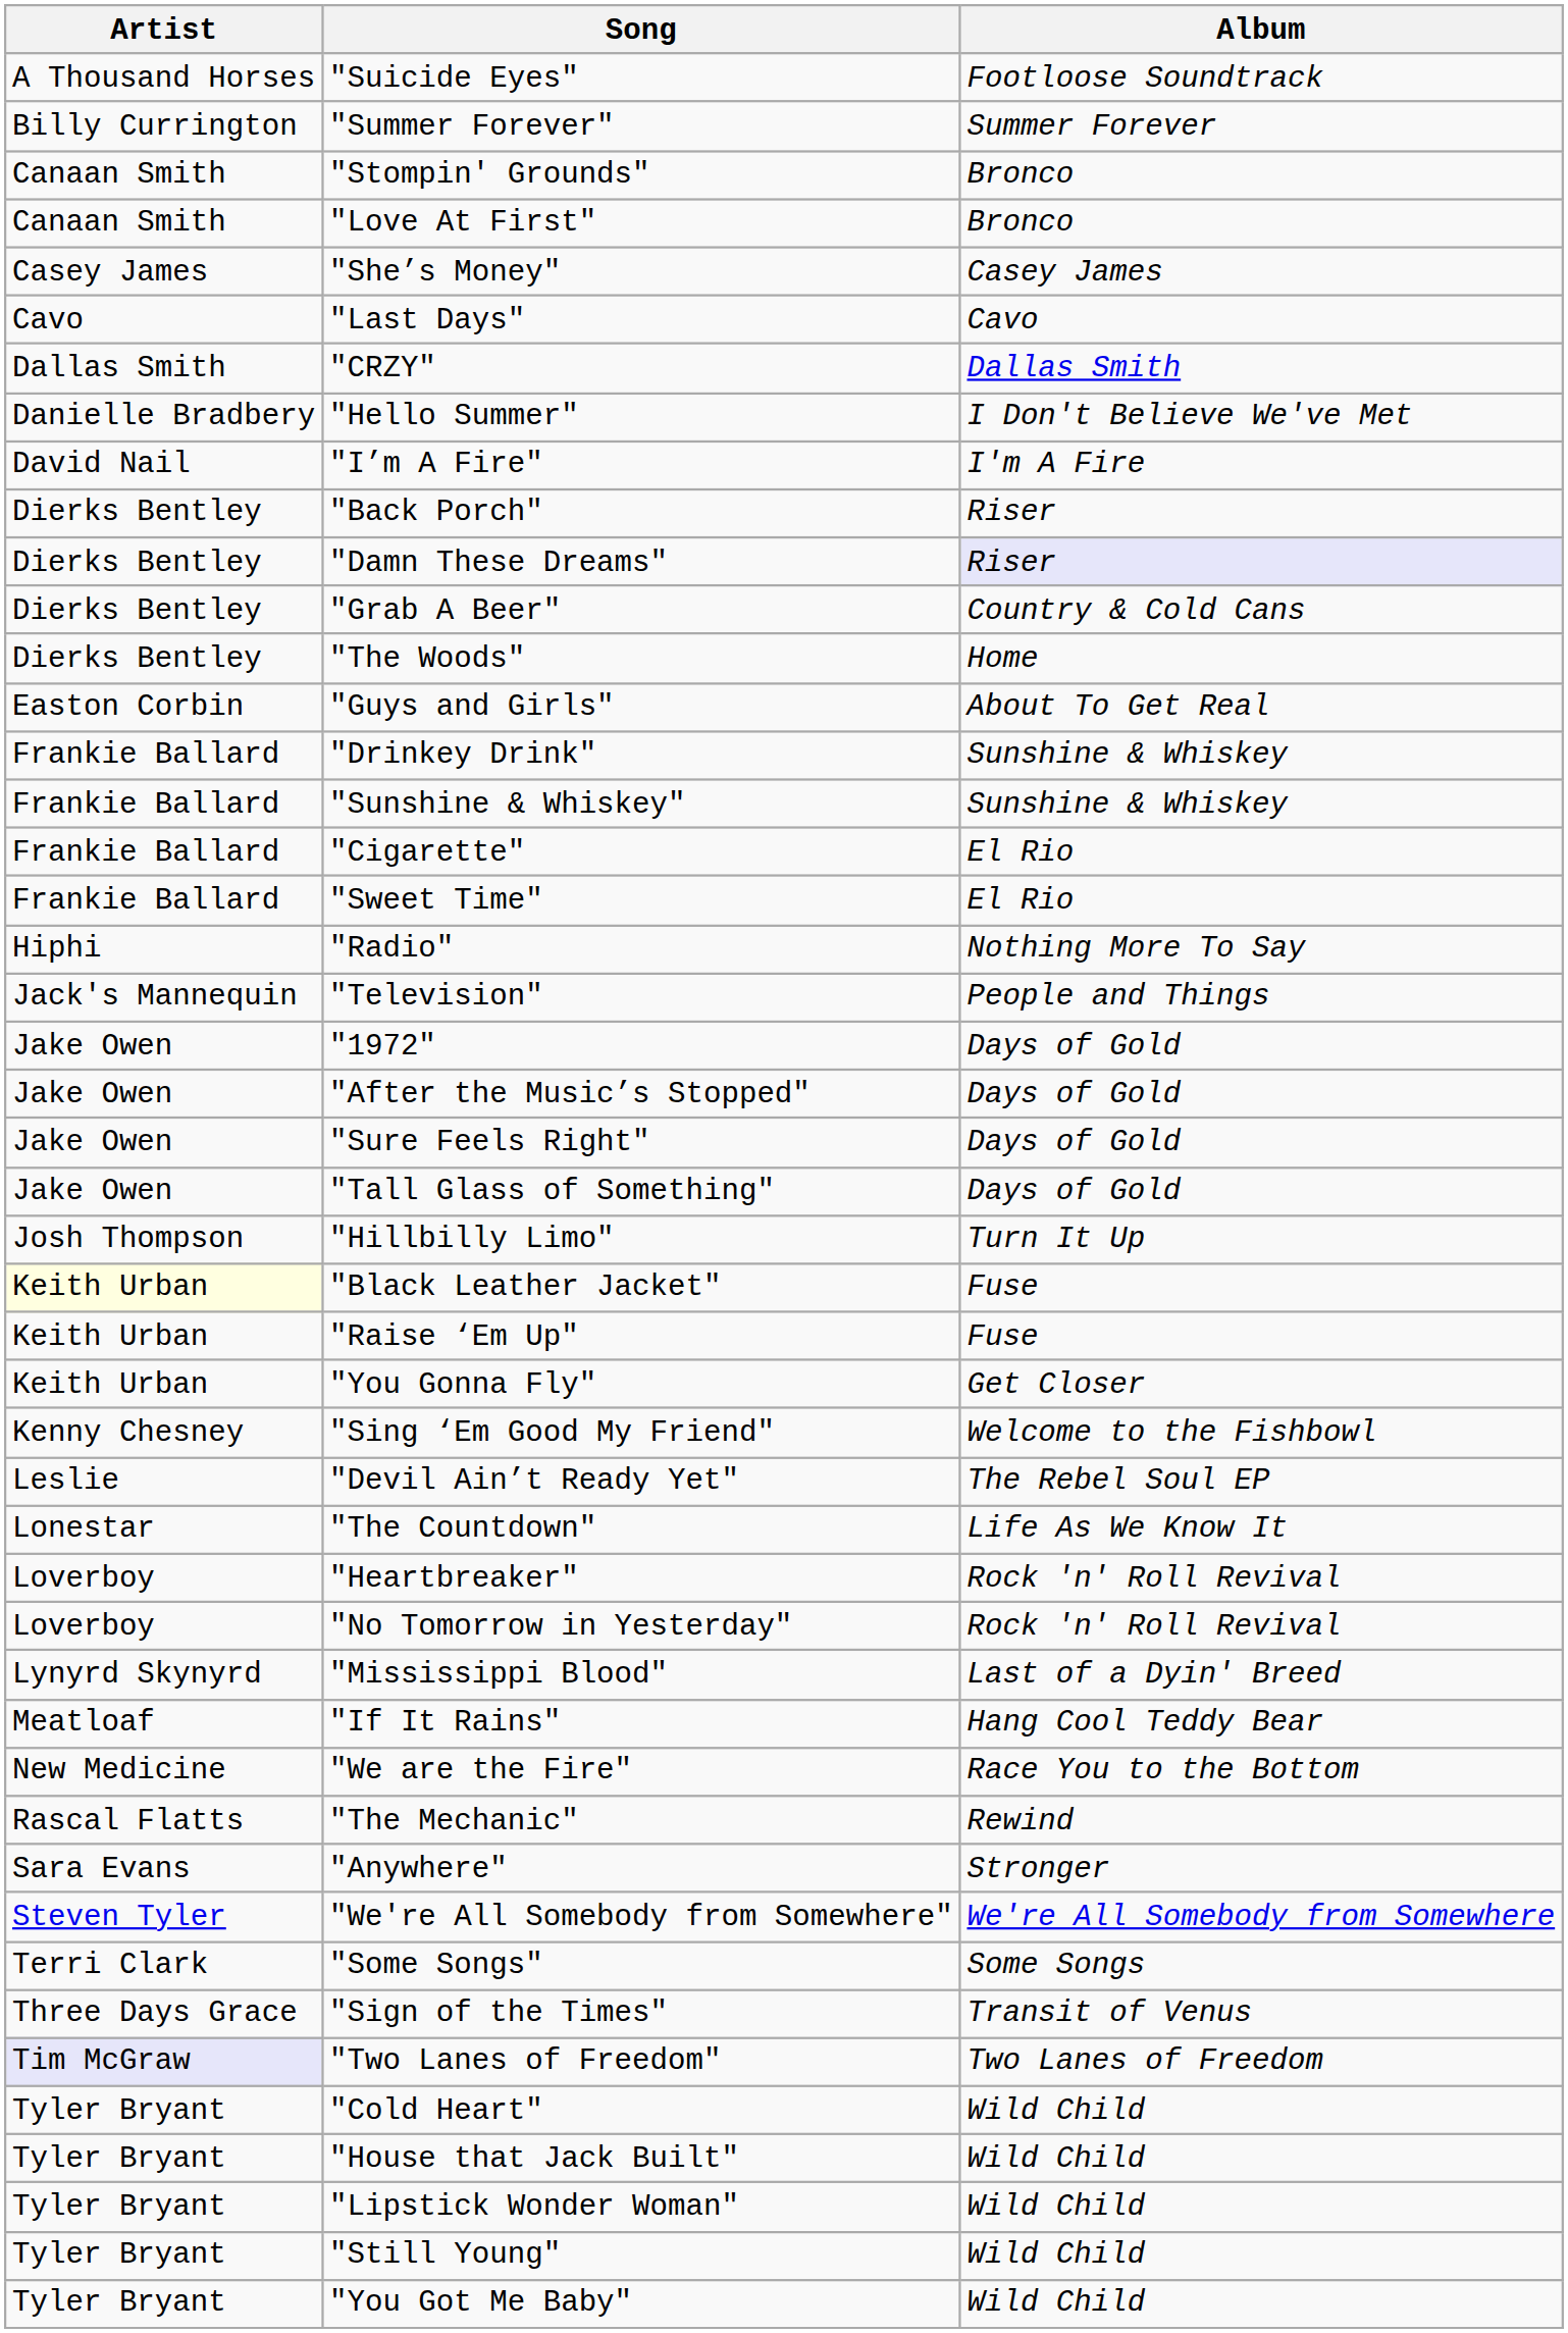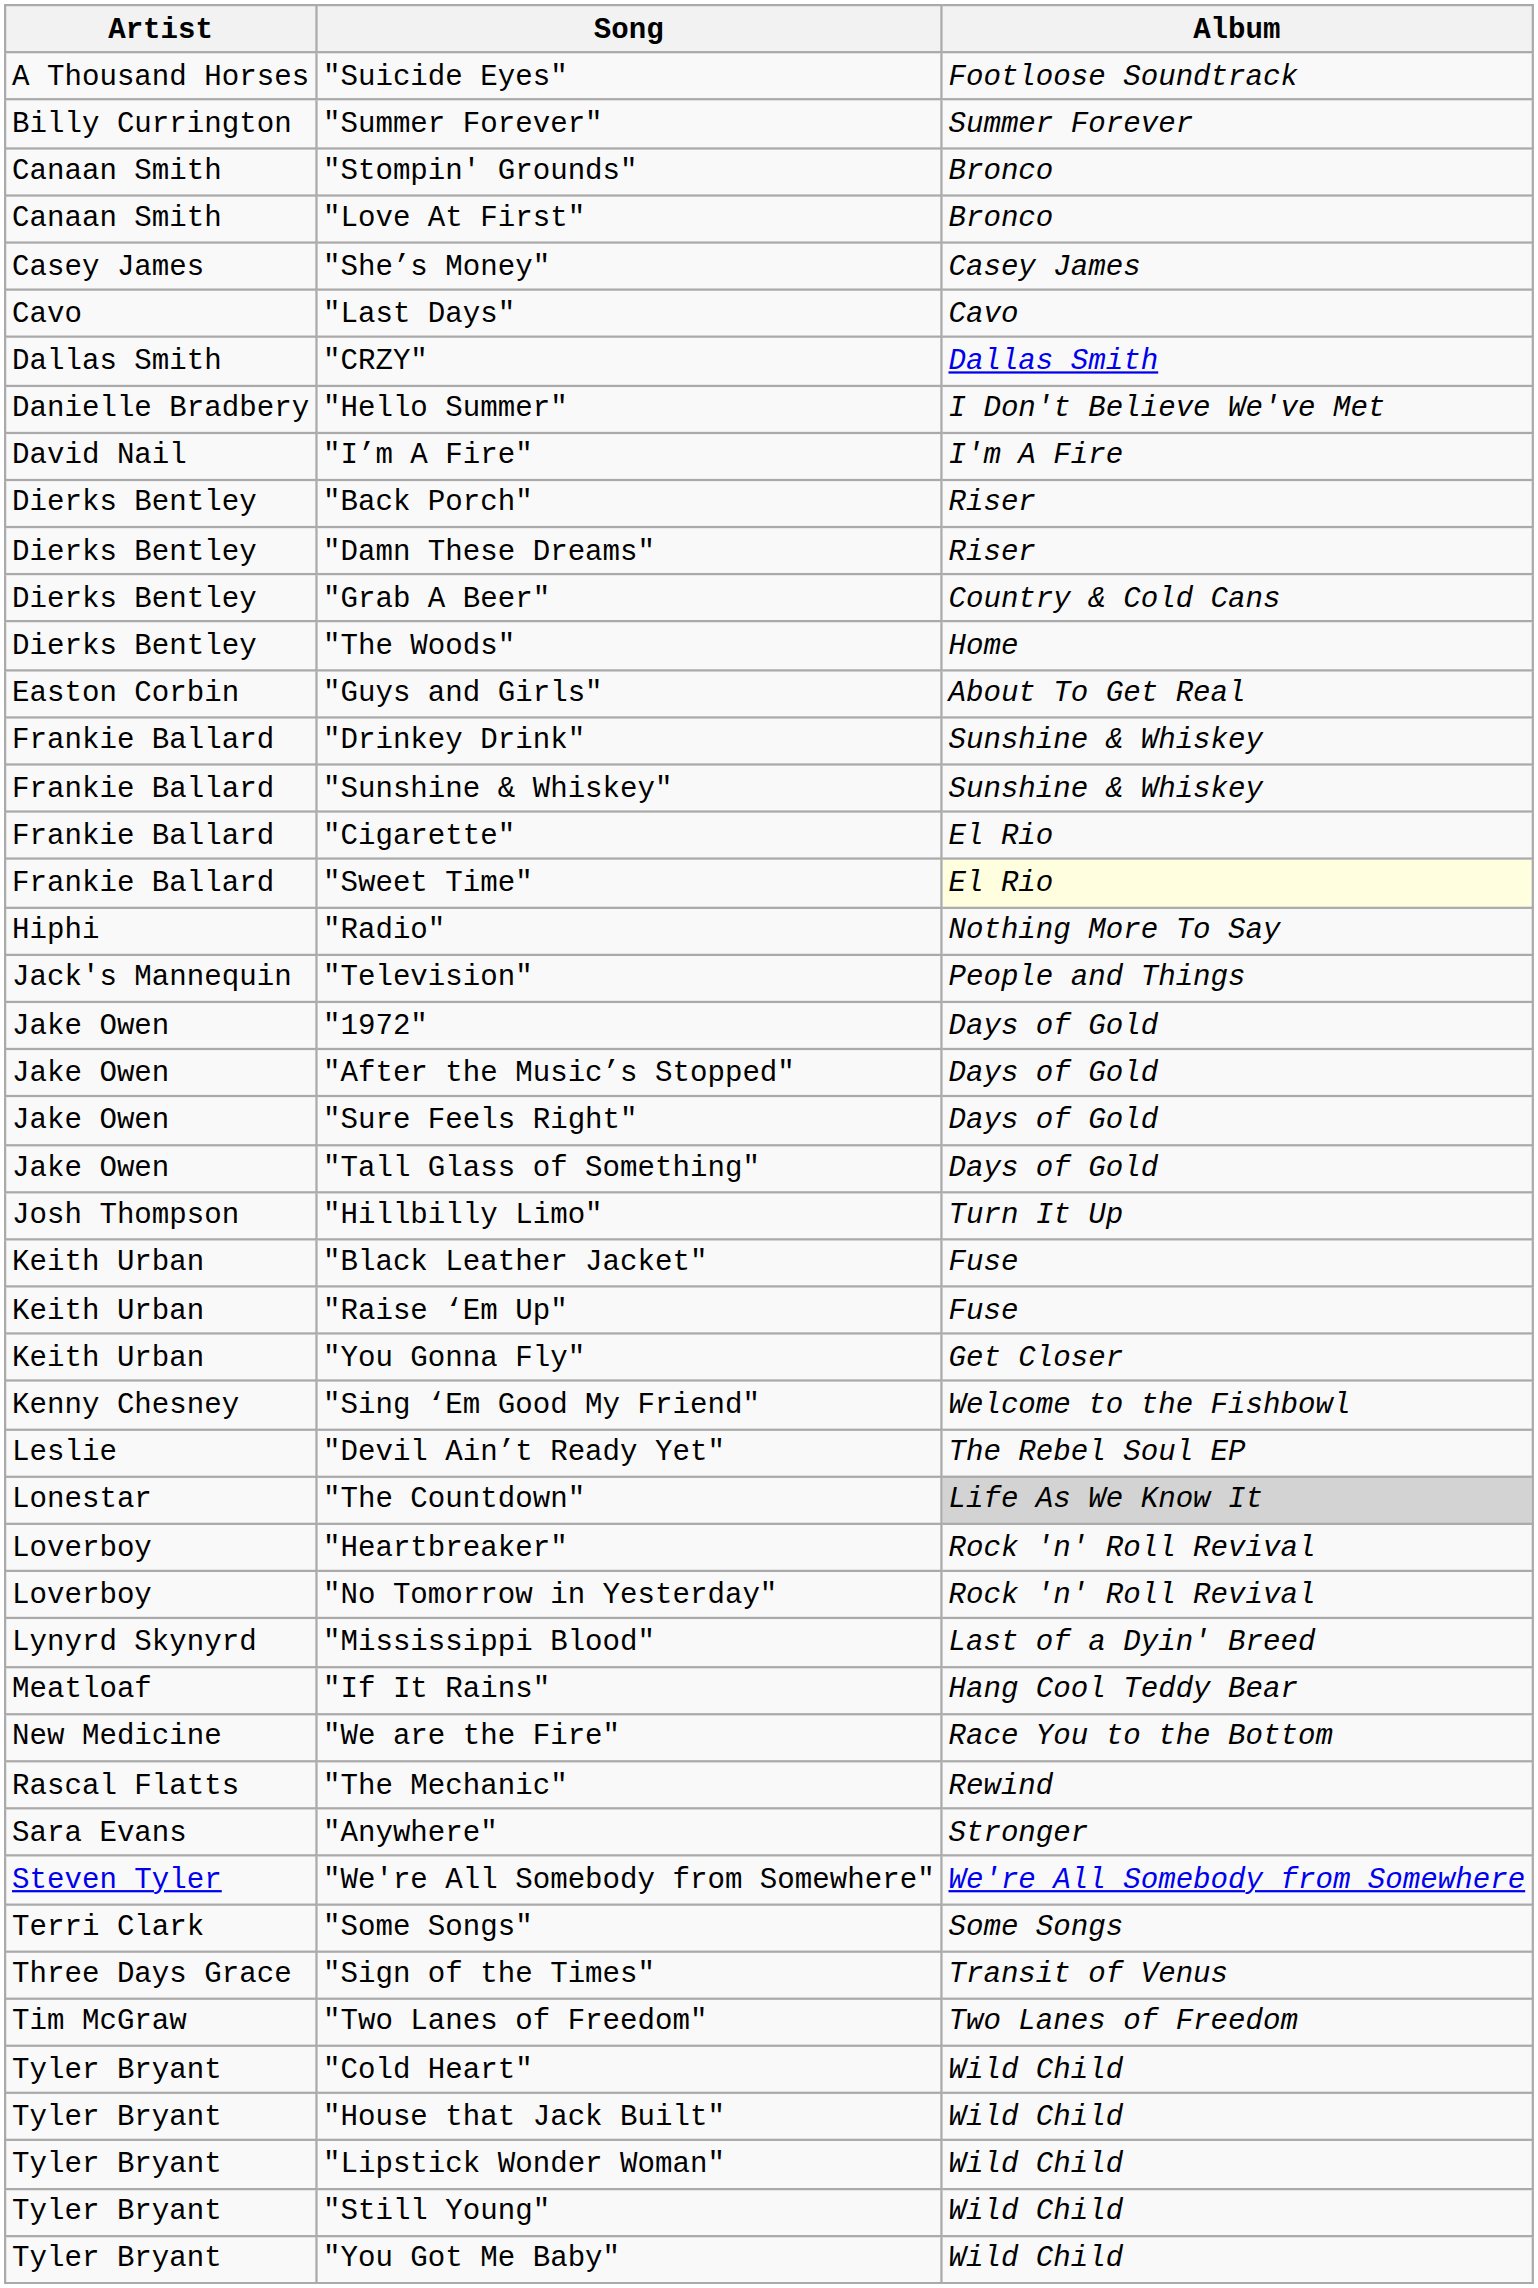 <table class="wikitable">
 <tr>
 <th>Artist</th>
 <th>Song</th>
 <th>Album</th>
 </tr>
 <tr>
 <td>A Thousand Horses</td>
 <td>"Suicide Eyes"</td>
 <td><em>Footloose Soundtrack</em></td>
 </tr>
 <tr>
 <td>Billy Currington</td>
 <td>"Summer Forever"</td>
 <td><em>Summer Forever</em></td>
 </tr>
 <tr>
 <td>Canaan Smith</td>
 <td>"Stompin' Grounds"</td>
 <td><em>Bronco</em></td>
 </tr>
 <tr>
 <td>Canaan Smith</td>
 <td>"Love At First"</td>
 <td><em>Bronco</em></td>
 </tr>
 <tr>
 <td>Casey James</td>
 <td>"She’s Money"</td>
 <td><em>Casey James</em></td>
 </tr>
 <tr>
 <td>Cavo</td>
 <td>"Last Days"</td>
 <td><em>Cavo</em></td>
 </tr>
 <tr>
 <td>Dallas Smith</td>
 <td>"CRZY"</td>
 <td><em><a href='#'>Dallas Smith</a></em></td>
 </tr>
 <tr>
 <td>Danielle Bradbery</td>
 <td>"Hello Summer"</td>
 <td><em>I Don't Believe We've Met</em></td>
 </tr>
 <tr>
 <td>David Nail</td>
 <td>"I’m A Fire"</td>
 <td><em>I'm A Fire</em></td>
 </tr>
 <tr>
 <td>Dierks Bentley</td>
 <td>"Back Porch"</td>
 <td><em>Riser</em></td>
 </tr>
 <tr>
 <td>Dierks Bentley</td>
 <td>"Damn These Dreams"</td>
-<td style="background: lavender;"><em>Riser</em></td>
+<td><em>Riser</em></td>
 </tr>
 <tr>
 <td>Dierks Bentley</td>
 <td>"Grab A Beer"</td>
 <td><em>Country & Cold Cans</em></td>
 </tr>
 <tr>
 <td>Dierks Bentley</td>
 <td>"The Woods"</td>
 <td><em>Home</em></td>
 </tr>
 <tr>
 <td>Easton Corbin</td>
 <td>"Guys and Girls"</td>
 <td><em>About To Get Real</em></td>
 </tr>
 <tr>
 <td>Frankie Ballard</td>
 <td>"Drinkey Drink"</td>
 <td><em>Sunshine & Whiskey</em></td>
 </tr>
 <tr>
 <td>Frankie Ballard</td>
 <td>"Sunshine & Whiskey"</td>
 <td><em>Sunshine & Whiskey</em></td>
 </tr>
 <tr>
 <td>Frankie Ballard</td>
 <td>"Cigarette"</td>
 <td><em>El Rio</em></td>
 </tr>
 <tr>
 <td>Frankie Ballard</td>
 <td>"Sweet Time"</td>
-<td><em>El Rio</em></td>
+<td style="background: lightyellow;"><em>El Rio</em></td>
 </tr>
 <tr>
 <td>Hiphi</td>
 <td>"Radio"</td>
 <td><em>Nothing More To Say</em></td>
 </tr>
 <tr>
 <td>Jack's Mannequin</td>
 <td>"Television"</td>
 <td><em>People and Things</em></td>
 </tr>
 <tr>
 <td>Jake Owen</td>
 <td>"1972"</td>
 <td><em>Days of Gold</em></td>
 </tr>
 <tr>
 <td>Jake Owen</td>
 <td>"After the Music’s Stopped"</td>
 <td><em>Days of Gold</em></td>
 </tr>
 <tr>
 <td>Jake Owen</td>
 <td>"Sure Feels Right"</td>
 <td><em>Days of Gold</em></td>
 </tr>
 <tr>
 <td>Jake Owen</td>
 <td>"Tall Glass of Something"</td>
 <td><em>Days of Gold</em></td>
 </tr>
 <tr>
 <td>Josh Thompson</td>
 <td>"Hillbilly Limo"</td>
 <td><em>Turn It Up</em></td>
 </tr>
 <tr>
-<td style="background: lightyellow;">Keith Urban</td>
+<td>Keith Urban</td>
 <td>"Black Leather Jacket"</td>
 <td><em>Fuse</em></td>
 </tr>
 <tr>
 <td>Keith Urban</td>
 <td>"Raise ‘Em Up"</td>
 <td><em>Fuse</em></td>
 </tr>
 <tr>
 <td>Keith Urban</td>
 <td>"You Gonna Fly"</td>
 <td><em>Get Closer</em></td>
 </tr>
 <tr>
 <td>Kenny Chesney</td>
 <td>"Sing ‘Em Good My Friend"</td>
 <td><em>Welcome to the Fishbowl</em></td>
 </tr>
 <tr>
 <td>Leslie</td>
 <td>"Devil Ain’t Ready Yet"</td>
 <td><em>The Rebel Soul EP</em></td>
 </tr>
 <tr>
 <td>Lonestar</td>
 <td>"The Countdown"</td>
-<td><em>Life As We Know It</em></td>
+<td style="background: lightgrey;"><em>Life As We Know It</em></td>
 </tr>
 <tr>
 <td>Loverboy</td>
 <td>"Heartbreaker"</td>
 <td><em>Rock 'n' Roll Revival</em></td>
 </tr>
 <tr>
 <td>Loverboy</td>
 <td>"No Tomorrow in Yesterday"</td>
 <td><em>Rock 'n' Roll Revival</em></td>
 </tr>
 <tr>
 <td>Lynyrd Skynyrd</td>
 <td>"Mississippi Blood"</td>
 <td><em>Last of a Dyin' Breed</em></td>
 </tr>
 <tr>
 <td>Meatloaf</td>
 <td>"If It Rains"</td>
 <td><em>Hang Cool Teddy Bear</em></td>
 </tr>
 <tr>
 <td>New Medicine</td>
 <td>"We are the Fire"</td>
 <td><em>Race You to the Bottom</em></td>
 </tr>
 <tr>
 <td>Rascal Flatts</td>
 <td>"The Mechanic"</td>
 <td><em>Rewind</em></td>
 </tr>
 <tr>
 <td>Sara Evans</td>
 <td>"Anywhere"</td>
 <td><em>Stronger</em></td>
 </tr>
 <tr>
 <td><a href='#'>Steven Tyler</a></td>
 <td>"We're All Somebody from Somewhere"</td>
 <td><em><a href='#'>We're All Somebody from Somewhere</a></em></td>
 </tr>
 <tr>
 <td>Terri Clark</td>
 <td>"Some Songs"</td>
 <td><em>Some Songs</em></td>
 </tr>
 <tr>
 <td>Three Days Grace</td>
 <td>"Sign of the Times"</td>
 <td><em>Transit of Venus</em></td>
 </tr>
 <tr>
-<td style="background: lavender;">Tim McGraw</td>
+<td>Tim McGraw</td>
 <td>"Two Lanes of Freedom"</td>
 <td><em>Two Lanes of Freedom</em></td>
 </tr>
 <tr>
 <td>Tyler Bryant</td>
 <td>"Cold Heart"</td>
 <td><em>Wild Child</em></td>
 </tr>
 <tr>
 <td>Tyler Bryant</td>
 <td>"House that Jack Built"</td>
 <td><em>Wild Child</em></td>
 </tr>
 <tr>
 <td>Tyler Bryant</td>
 <td>"Lipstick Wonder Woman"</td>
 <td><em>Wild Child</em></td>
 </tr>
 <tr>
 <td>Tyler Bryant</td>
 <td>"Still Young"</td>
 <td><em>Wild Child</em></td>
 </tr>
 <tr>
 <td>Tyler Bryant</td>
 <td>"You Got Me Baby"</td>
 <td><em>Wild Child</em></td>
 </tr>
 <tr>
 </tr>
 </table>
